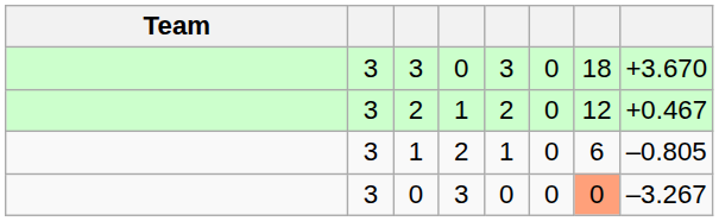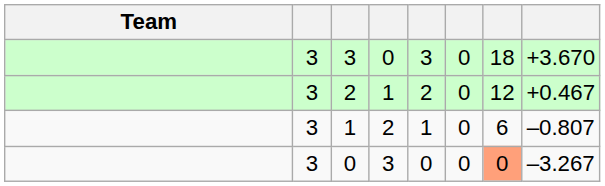 <table class="wikitable" style="text-align:center">
 <tr>
 <th width=200>Team</th>
 <th width=20></th>
 <th width=20></th>
 <th width=20></th>
 <th width=20></th>
 <th width=20></th>
 <th width=20></th>
 <th width=45></th>
 </tr>
 <tr style="background:#cfc">
 <td align="left"></td>
 <td>3</td>
 <td>3</td>
 <td>0</td>
 <td>3</td>
 <td>0</td>
 <td>18</td>
 <td>+3.670</td>
 </tr>
 <tr style="background:#cfc">
 <td align="left"></td>
 <td>3</td>
 <td>2</td>
 <td>1</td>
 <td>2</td>
 <td>0</td>
 <td>12</td>
 <td>+0.467</td>
 </tr>
 <tr>
 <td align="left"></td>
 <td>3</td>
 <td>1</td>
 <td>2</td>
 <td>1</td>
 <td>0</td>
 <td>6</td>
-<td>–0.805</td>
+<td>–0.807</td>
 </tr>
 <tr>
 <td align="left"></td>
 <td>3</td>
 <td>0</td>
 <td>3</td>
 <td>0</td>
 <td>0</td>
 <td style="background: lightsalmon;">0</td>
 <td>–3.267</td>
 </tr>
 </table>
